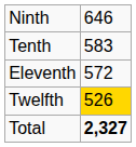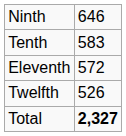 <table class="wikitable">
 <tr>
 <td>Ninth</td>
 <td>646</td>
 </tr>
 <tr>
 <td>Tenth</td>
 <td>583</td>
 </tr>
 <tr>
 <td>Eleventh</td>
 <td>572</td>
 </tr>
 <tr>
 <td>Twelfth</td>
-<td style="background: gold;">526</td>
+<td>526</td>
 </tr>
 <tr>
 <td>Total</td>
 <td><strong>2,327</strong></td>
 </tr>
 </table>
